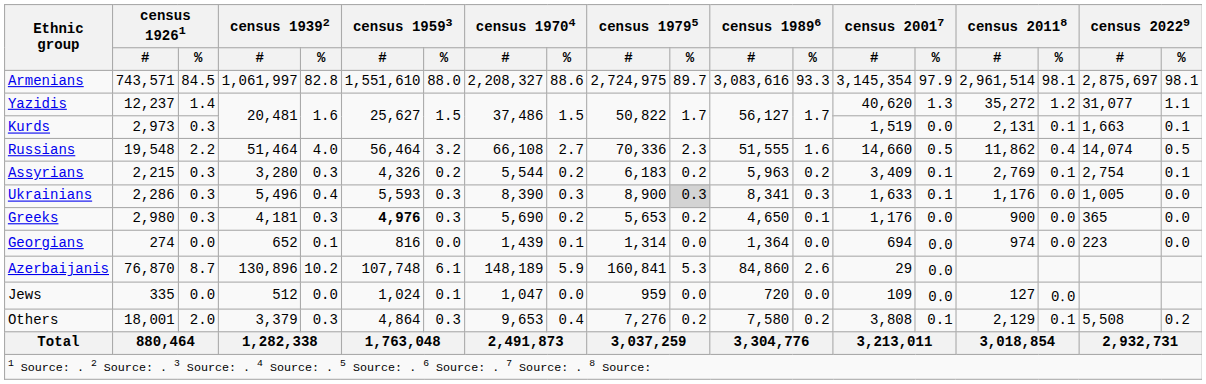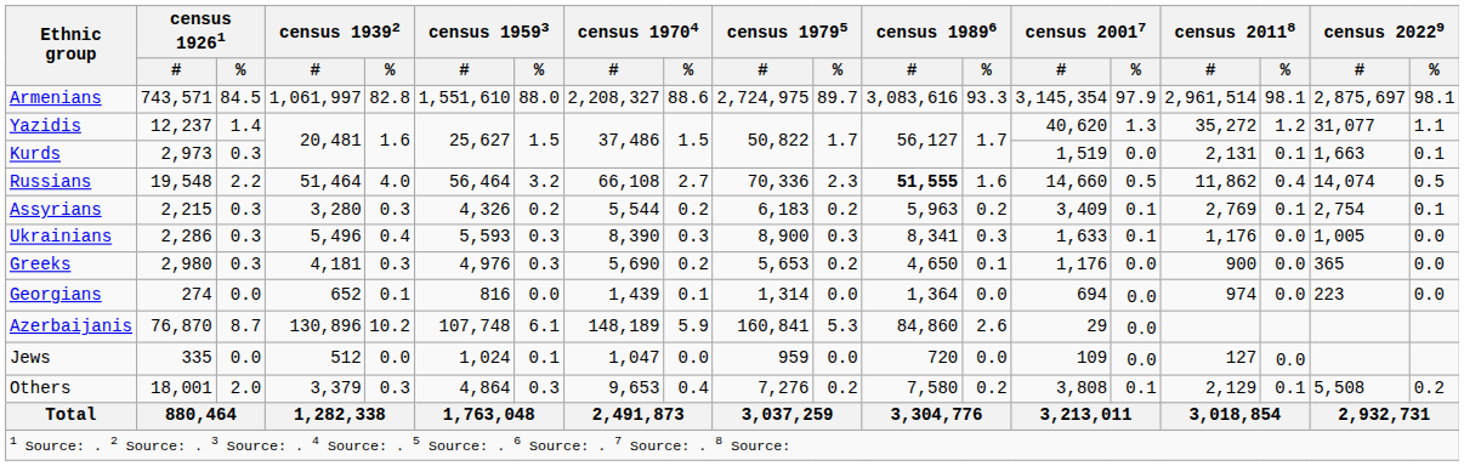 <table class="wikitable sortable">
 <tr bgcolor="#e0e0e0">
 <th rowspan="2">Ethnic<br>group</th>
 <th colspan="2">census 1926<sup>1</sup></th>
 <th colspan="2">census 1939<sup>2</sup></th>
 <th colspan="2">census 1959<sup>3</sup></th>
 <th colspan="2">census 1970<sup>4</sup></th>
 <th colspan="2">census 1979<sup>5</sup></th>
 <th colspan="2">census 1989<sup>6</sup></th>
 <th colspan="2">census 2001<sup>7</sup></th>
 <th colspan="2">census 2011<sup>8</sup></th>
 <th colspan="2">census 2022<sup>9</sup></th>
 </tr>
 <tr bgcolor="#e0e0e0">
 <th>#</th>
 <th>%</th>
 <th>#</th>
 <th>%</th>
 <th>#</th>
 <th>%</th>
 <th>#</th>
 <th>%</th>
 <th>#</th>
 <th>%</th>
 <th>#</th>
 <th>%</th>
 <th>#</th>
 <th>%</th>
 <th>#</th>
 <th>%</th>
 <th>#</th>
 <th>%</th>
 </tr>
 <tr>
 <td><a href='#'>Armenians</a></td>
 <td align="right">743,571</td>
 <td align="right">84.5</td>
 <td align="right">1,061,997</td>
 <td align="right">82.8</td>
 <td align="right">1,551,610</td>
 <td align="right">88.0</td>
 <td align="right">2,208,327</td>
 <td align="right">88.6</td>
 <td align="right">2,724,975</td>
 <td align="right">89.7</td>
 <td align="right">3,083,616</td>
 <td align="right">93.3</td>
 <td align="right">3,145,354</td>
 <td align="right">97.9</td>
 <td align="right">2,961,514</td>
 <td align="right">98.1</td>
 <td>2,875,697</td>
 <td>98.1</td>
 </tr>
 <tr>
 <td><a href='#'>Yazidis</a></td>
 <td align="right">12,237</td>
 <td align="right">1.4</td>
 <td rowspan="2" align="right">20,481</td>
 <td rowspan="2" align="right">1.6</td>
 <td rowspan="2" align="right">25,627</td>
 <td rowspan="2" align="right">1.5</td>
 <td rowspan="2" align="right">37,486</td>
 <td rowspan="2" align="right">1.5</td>
 <td rowspan="2" align="right">50,822</td>
 <td rowspan="2" align="right">1.7</td>
 <td rowspan="2" align="right">56,127</td>
 <td rowspan="2" align="right">1.7</td>
 <td align="right">40,620</td>
 <td align="right">1.3</td>
 <td align="right">35,272</td>
 <td align="right">1.2</td>
 <td>31,077</td>
 <td>1.1</td>
 </tr>
 <tr>
 <td><a href='#'>Kurds</a></td>
 <td align="right">2,973</td>
 <td align="right">0.3</td>
 <td align="right">1,519</td>
 <td align="right">0.0</td>
 <td align="right">2,131</td>
 <td align="right">0.1</td>
 <td>1,663</td>
 <td>0.1</td>
 </tr>
 <tr>
 <td><a href='#'>Russians</a></td>
 <td align="right">19,548</td>
 <td align="right">2.2</td>
 <td align="right">51,464</td>
 <td align="right">4.0</td>
 <td align="right">56,464</td>
 <td align="right">3.2</td>
 <td align="right">66,108</td>
 <td align="right">2.7</td>
 <td align="right">70,336</td>
 <td align="right">2.3</td>
-<td align="right">51,555</td>
+<td align="right"><strong>51,555</strong></td>
 <td align="right">1.6</td>
 <td align="right">14,660</td>
 <td align="right">0.5</td>
 <td align="right">11,862</td>
 <td align="right">0.4</td>
 <td>14,074</td>
 <td>0.5</td>
 </tr>
 <tr>
 <td><a href='#'>Assyrians</a></td>
 <td align="right">2,215</td>
 <td align="right">0.3</td>
 <td align="right">3,280</td>
 <td align="right">0.3</td>
 <td align="right">4,326</td>
 <td align="right">0.2</td>
 <td align="right">5,544</td>
 <td align="right">0.2</td>
 <td align="right">6,183</td>
 <td align="right">0.2</td>
 <td align="right">5,963</td>
 <td align="right">0.2</td>
 <td align="right">3,409</td>
 <td align="right">0.1</td>
 <td align="right">2,769</td>
 <td align="right">0.1</td>
 <td>2,754</td>
 <td>0.1</td>
 </tr>
 <tr>
 <td><a href='#'>Ukrainians</a></td>
 <td align="right">2,286</td>
 <td align="right">0.3</td>
 <td align="right">5,496</td>
 <td align="right">0.4</td>
 <td align="right">5,593</td>
 <td align="right">0.3</td>
 <td align="right">8,390</td>
 <td align="right">0.3</td>
 <td align="right">8,900</td>
-<td align="right" style="background: lightgrey;">0.3</td>
+<td align="right">0.3</td>
 <td align="right">8,341</td>
 <td align="right">0.3</td>
 <td align="right">1,633</td>
 <td align="right">0.1</td>
 <td align="right">1,176</td>
 <td align="right">0.0</td>
 <td>1,005</td>
 <td>0.0</td>
 </tr>
 <tr>
 <td><a href='#'>Greeks</a></td>
 <td align="right">2,980</td>
 <td align="right">0.3</td>
 <td align="right">4,181</td>
 <td align="right">0.3</td>
-<td align="right"><strong>4,976</strong></td>
+<td align="right">4,976</td>
 <td align="right">0.3</td>
 <td align="right">5,690</td>
 <td align="right">0.2</td>
 <td align="right">5,653</td>
 <td align="right">0.2</td>
 <td align="right">4,650</td>
 <td align="right">0.1</td>
 <td align="right">1,176</td>
 <td align="right">0.0</td>
 <td align="right">900</td>
 <td align="right">0.0</td>
 <td>365</td>
 <td>0.0</td>
 </tr>
 <tr>
 <td><a href='#'>Georgians</a></td>
 <td align="right">274</td>
 <td align="right">0.0</td>
 <td align="right">652</td>
 <td align="right">0.1</td>
 <td align="right">816</td>
 <td align="right">0.0</td>
 <td align="right">1,439</td>
 <td align="right">0.1</td>
 <td align="right">1,314</td>
 <td align="right">0.0</td>
 <td align="right">1,364</td>
 <td align="right">0.0</td>
 <td align="right">694</td>
 <td align="right">0․0</td>
 <td align="right">974</td>
 <td align="right">0.0</td>
 <td>223</td>
 <td>0.0</td>
 </tr>
 <tr>
 <td><a href='#'>Azerbaijanis</a></td>
 <td align="right">76,870</td>
 <td align="right">8.7</td>
 <td align="right">130,896</td>
 <td align="right">10.2</td>
 <td align="right">107,748</td>
 <td align="right">6.1</td>
 <td align="right">148,189</td>
 <td align="right">5.9</td>
 <td align="right">160,841</td>
 <td align="right">5.3</td>
 <td align="right">84,860</td>
 <td align="right">2.6</td>
 <td align="right">29</td>
 <td align="right">0․0</td>
 <td align="right"></td>
 <td align="right"></td>
 <td></td>
 <td></td>
 </tr>
 <tr>
 <td>Jews</td>
 <td align="right">335</td>
 <td align="right">0.0</td>
 <td align="right">512</td>
 <td align="right">0.0</td>
 <td align="right">1,024</td>
 <td align="right">0.1</td>
 <td align="right">1,047</td>
 <td align="right">0.0</td>
 <td align="right">959</td>
 <td align="right">0.0</td>
 <td align="right">720</td>
 <td align="right">0.0</td>
 <td align="right">109</td>
 <td align="right">0․0</td>
 <td align="right">127</td>
 <td align="right">0․0</td>
 <td></td>
 <td></td>
 </tr>
 <tr>
 <td>Others</td>
 <td align="right">18,001</td>
 <td align="right">2.0</td>
 <td align="right">3,379</td>
 <td align="right">0.3</td>
 <td align="right">4,864</td>
 <td align="right">0.3</td>
 <td align="right">9,653</td>
 <td align="right">0.4</td>
 <td align="right">7,276</td>
 <td align="right">0.2</td>
 <td align="right">7,580</td>
 <td align="right">0.2</td>
 <td align="right">3,808</td>
 <td align="right">0.1</td>
 <td align="right">2,129</td>
 <td align="right">0.1</td>
 <td>5,508</td>
 <td>0.2</td>
 </tr>
 <tr bgcolor="#e0e0e0">
 <th align="left">Total</th>
 <th colspan="2">880,464</th>
 <th colspan="2">1,282,338</th>
 <th colspan="2">1,763,048</th>
 <th colspan="2">2,491,873</th>
 <th colspan="2">3,037,259</th>
 <th colspan="2">3,304,776</th>
 <th colspan="2">3,213,011</th>
 <th colspan="2">3,018,854</th>
 <th colspan="2"><strong>2,932,731</strong></th>
 </tr>
 <tr>
 <td colspan="19"><small><sup>1</sup> Source: . <sup>2</sup> Source: . <sup>3</sup> Source: . <sup>4</sup> Source: . <sup>5</sup> Source: . <sup>6</sup> Source: . <sup>7</sup> Source: . <sup>8</sup> Source: </small></td>
 </tr>
 </table>
